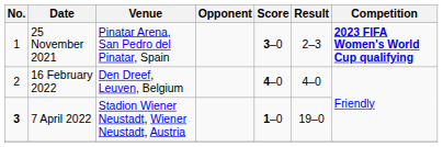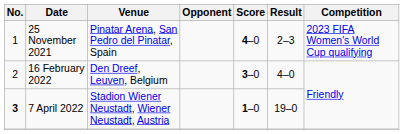 <table class="wikitable sortable">
 <tr>
 <th scope="col">No.</th>
 <th scope="col">Date</th>
 <th scope="col">Venue</th>
 <th scope="col">Opponent</th>
 <th scope="col">Score</th>
 <th scope="col">Result</th>
 <th scope="col">Competition</th>
 </tr>
 <tr>
 <td style="text-align:center">1</td>
 <td>25 November 2021</td>
 <td><a href='#'>Pinatar Arena</a>, <a href='#'>San Pedro del Pinatar</a>, Spain</td>
 <td></td>
-<td style="text-align:center"><strong>3</strong>–0</td>
+<td style="text-align:center"><strong>4</strong>–0</td>
 <td align=center>2–3</td>
-<td><strong><a href='#'>2023 FIFA Women's World Cup qualifying</a></strong></td>
+<td><a href='#'>2023 FIFA Women's World Cup qualifying</a></td>
 </tr>
 <tr>
 <td style="text-align:center">2</td>
 <td>16 February 2022</td>
 <td><a href='#'>Den Dreef</a>, <a href='#'>Leuven</a>, Belgium</td>
 <td></td>
-<td style="text-align:center"><strong>4</strong>–0</td>
+<td style="text-align:center"><strong>3</strong>–0</td>
 <td style="text-align:center">4–0</td>
 <td rowspan=2><a href='#'>Friendly</a></td>
 </tr>
 <tr>
 <td style="text-align:center"><strong>3</strong></td>
 <td>7 April 2022</td>
 <td><a href='#'>Stadion Wiener Neustadt</a>, <a href='#'>Wiener Neustadt</a>, <a href='#'>Austria</a></td>
 <td></td>
 <td align=center><strong>1</strong>–0</td>
 <td style="text-align:center">19–0</td>
 </tr>
 <tr>
 </tr>
 </table>
